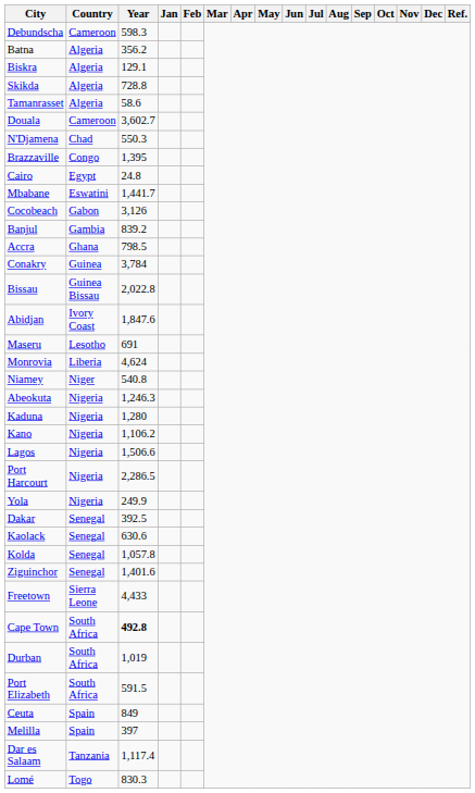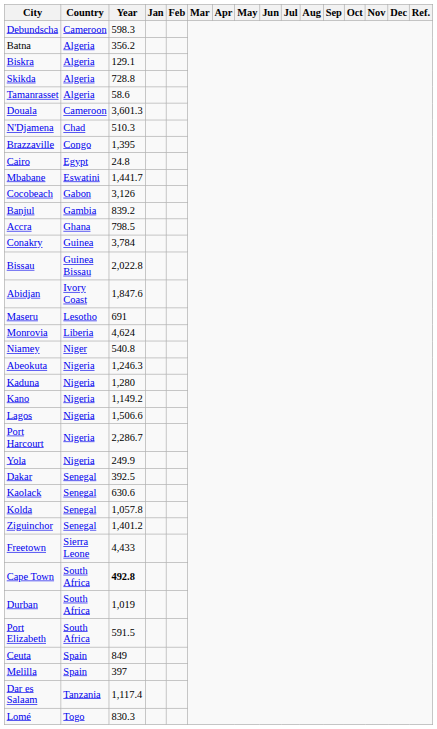 <table class="wikitable sortable sticky-header sort-under col1left col2left col16center" >
 <tr style="vertical-align:top">
 <th>City</th>
 <th>Country</th>
 <th>Year</th>
 <th>Jan</th>
 <th>Feb</th>
 <th>Mar</th>
 <th>Apr</th>
 <th>May</th>
 <th>Jun</th>
 <th>Jul</th>
 <th>Aug</th>
 <th>Sep</th>
 <th>Oct</th>
 <th>Nov</th>
 <th>Dec</th>
 <th>Ref.</th>
 </tr>
 <tr>
 <td><a href='#'>Debundscha</a></td>
 <td><a href='#'>Cameroon</a></td>
 <td>598.3</td>
 <td></td>
 <td></td>
 </tr>
 <tr>
 <td>Batna</td>
 <td><a href='#'>Algeria</a></td>
 <td>356.2</td>
 <td></td>
 <td></td>
 </tr>
 <tr>
 <td><a href='#'>Biskra</a></td>
 <td><a href='#'>Algeria</a></td>
 <td>129.1</td>
 <td></td>
 <td></td>
 </tr>
 <tr>
 <td><a href='#'>Skikda</a></td>
 <td><a href='#'>Algeria</a></td>
 <td>728.8</td>
 <td></td>
 <td></td>
 </tr>
 <tr>
 <td><a href='#'>Tamanrasset</a></td>
 <td><a href='#'>Algeria</a></td>
 <td>58.6</td>
 <td></td>
 <td></td>
 </tr>
 <tr>
 <td><a href='#'>Douala</a></td>
 <td><a href='#'>Cameroon</a></td>
-<td>3,602.7</td>
+<td>3,601.3</td>
 <td></td>
 <td></td>
 </tr>
 <tr>
 <td><a href='#'>N'Djamena</a></td>
 <td><a href='#'>Chad</a></td>
-<td>550.3</td>
+<td>510.3</td>
 <td></td>
 <td></td>
 </tr>
 <tr>
 <td><a href='#'>Brazzaville</a></td>
 <td><a href='#'>Congo</a></td>
 <td>1,395</td>
 <td></td>
 <td></td>
 </tr>
 <tr>
 <td><a href='#'>Cairo</a></td>
 <td><a href='#'>Egypt</a></td>
 <td>24.8</td>
 <td></td>
 <td></td>
 </tr>
 <tr>
 <td><a href='#'>Mbabane</a></td>
 <td><a href='#'>Eswatini</a></td>
 <td>1,441.7</td>
 <td></td>
 <td></td>
 </tr>
 <tr>
 <td><a href='#'>Cocobeach</a></td>
 <td><a href='#'>Gabon</a></td>
 <td>3,126</td>
 <td></td>
 <td></td>
 </tr>
 <tr>
 <td><a href='#'>Banjul</a></td>
 <td><a href='#'>Gambia</a></td>
 <td>839.2</td>
 <td></td>
 <td></td>
 </tr>
 <tr>
 <td><a href='#'>Accra</a></td>
 <td><a href='#'>Ghana</a></td>
 <td>798.5</td>
 <td></td>
 <td></td>
 </tr>
 <tr>
 <td><a href='#'>Conakry</a></td>
 <td><a href='#'>Guinea</a></td>
 <td>3,784</td>
 <td></td>
 <td></td>
 </tr>
 <tr>
 <td><a href='#'>Bissau</a></td>
 <td><a href='#'>Guinea Bissau</a></td>
 <td>2,022.8</td>
 <td></td>
 <td></td>
 </tr>
 <tr>
 <td><a href='#'>Abidjan</a></td>
 <td><a href='#'>Ivory Coast</a></td>
 <td>1,847.6</td>
 <td></td>
 <td></td>
 </tr>
 <tr>
 <td><a href='#'>Maseru</a></td>
 <td><a href='#'>Lesotho</a></td>
 <td>691</td>
 <td></td>
 <td></td>
 </tr>
 <tr>
 <td><a href='#'>Monrovia</a></td>
 <td><a href='#'>Liberia</a></td>
 <td>4,624</td>
 <td></td>
 <td></td>
 </tr>
 <tr>
 <td><a href='#'>Niamey</a></td>
 <td><a href='#'>Niger</a></td>
 <td>540.8</td>
 <td></td>
 <td></td>
 </tr>
 <tr>
 <td><a href='#'>Abeokuta</a></td>
 <td><a href='#'>Nigeria</a></td>
 <td>1,246.3</td>
 <td></td>
 <td></td>
 </tr>
 <tr>
 <td><a href='#'>Kaduna</a></td>
 <td><a href='#'>Nigeria</a></td>
 <td>1,280</td>
 <td></td>
 <td></td>
 </tr>
 <tr>
 <td><a href='#'>Kano</a></td>
 <td><a href='#'>Nigeria</a></td>
-<td>1,106.2</td>
+<td>1,149.2</td>
 <td></td>
 <td></td>
 </tr>
 <tr>
 <td><a href='#'>Lagos</a></td>
 <td><a href='#'>Nigeria</a></td>
 <td>1,506.6</td>
 <td></td>
 <td></td>
 </tr>
 <tr>
 <td><a href='#'>Port Harcourt</a></td>
 <td><a href='#'>Nigeria</a></td>
-<td>2,286.5</td>
+<td>2,286.7</td>
 <td></td>
 <td></td>
 </tr>
 <tr>
 <td><a href='#'>Yola</a></td>
 <td><a href='#'>Nigeria</a></td>
 <td>249.9</td>
 <td></td>
 <td></td>
 </tr>
 <tr>
 <td><a href='#'>Dakar</a></td>
 <td><a href='#'>Senegal</a></td>
 <td>392.5</td>
 <td></td>
 <td></td>
 </tr>
 <tr>
 <td><a href='#'>Kaolack</a></td>
 <td><a href='#'>Senegal</a></td>
 <td>630.6</td>
 <td></td>
 <td></td>
 </tr>
 <tr>
 <td><a href='#'>Kolda</a></td>
 <td><a href='#'>Senegal</a></td>
 <td>1,057.8</td>
 <td></td>
 <td></td>
 </tr>
 <tr>
 <td><a href='#'>Ziguinchor</a></td>
 <td><a href='#'>Senegal</a></td>
-<td>1,401.6</td>
+<td>1,401.2</td>
 <td></td>
 <td></td>
 </tr>
 <tr>
 <td><a href='#'>Freetown</a></td>
 <td><a href='#'>Sierra Leone</a></td>
 <td>4,433</td>
 <td></td>
 <td></td>
 </tr>
 <tr>
 <td><a href='#'>Cape Town</a></td>
 <td><a href='#'>South Africa</a></td>
 <td><strong>492.8</strong></td>
 <td></td>
 <td></td>
 </tr>
 <tr>
 <td><a href='#'>Durban</a></td>
 <td><a href='#'>South Africa</a></td>
 <td>1,019</td>
 <td></td>
 <td></td>
 </tr>
 <tr>
 <td><a href='#'>Port Elizabeth</a></td>
 <td><a href='#'>South Africa</a></td>
 <td>591.5</td>
 <td></td>
 <td></td>
 </tr>
 <tr>
 <td><a href='#'>Ceuta</a></td>
 <td><a href='#'>Spain</a></td>
 <td>849</td>
 <td></td>
 <td></td>
 </tr>
 <tr>
 <td><a href='#'>Melilla</a></td>
 <td><a href='#'>Spain</a></td>
 <td>397</td>
 <td></td>
 <td></td>
 </tr>
 <tr>
 <td><a href='#'>Dar es Salaam</a></td>
 <td><a href='#'>Tanzania</a></td>
 <td>1,117.4</td>
 <td></td>
 <td></td>
 </tr>
 <tr>
 <td><a href='#'>Lomé</a></td>
 <td><a href='#'>Togo</a></td>
 <td>830.3</td>
 <td></td>
 <td></td>
 </tr>
 </table>
